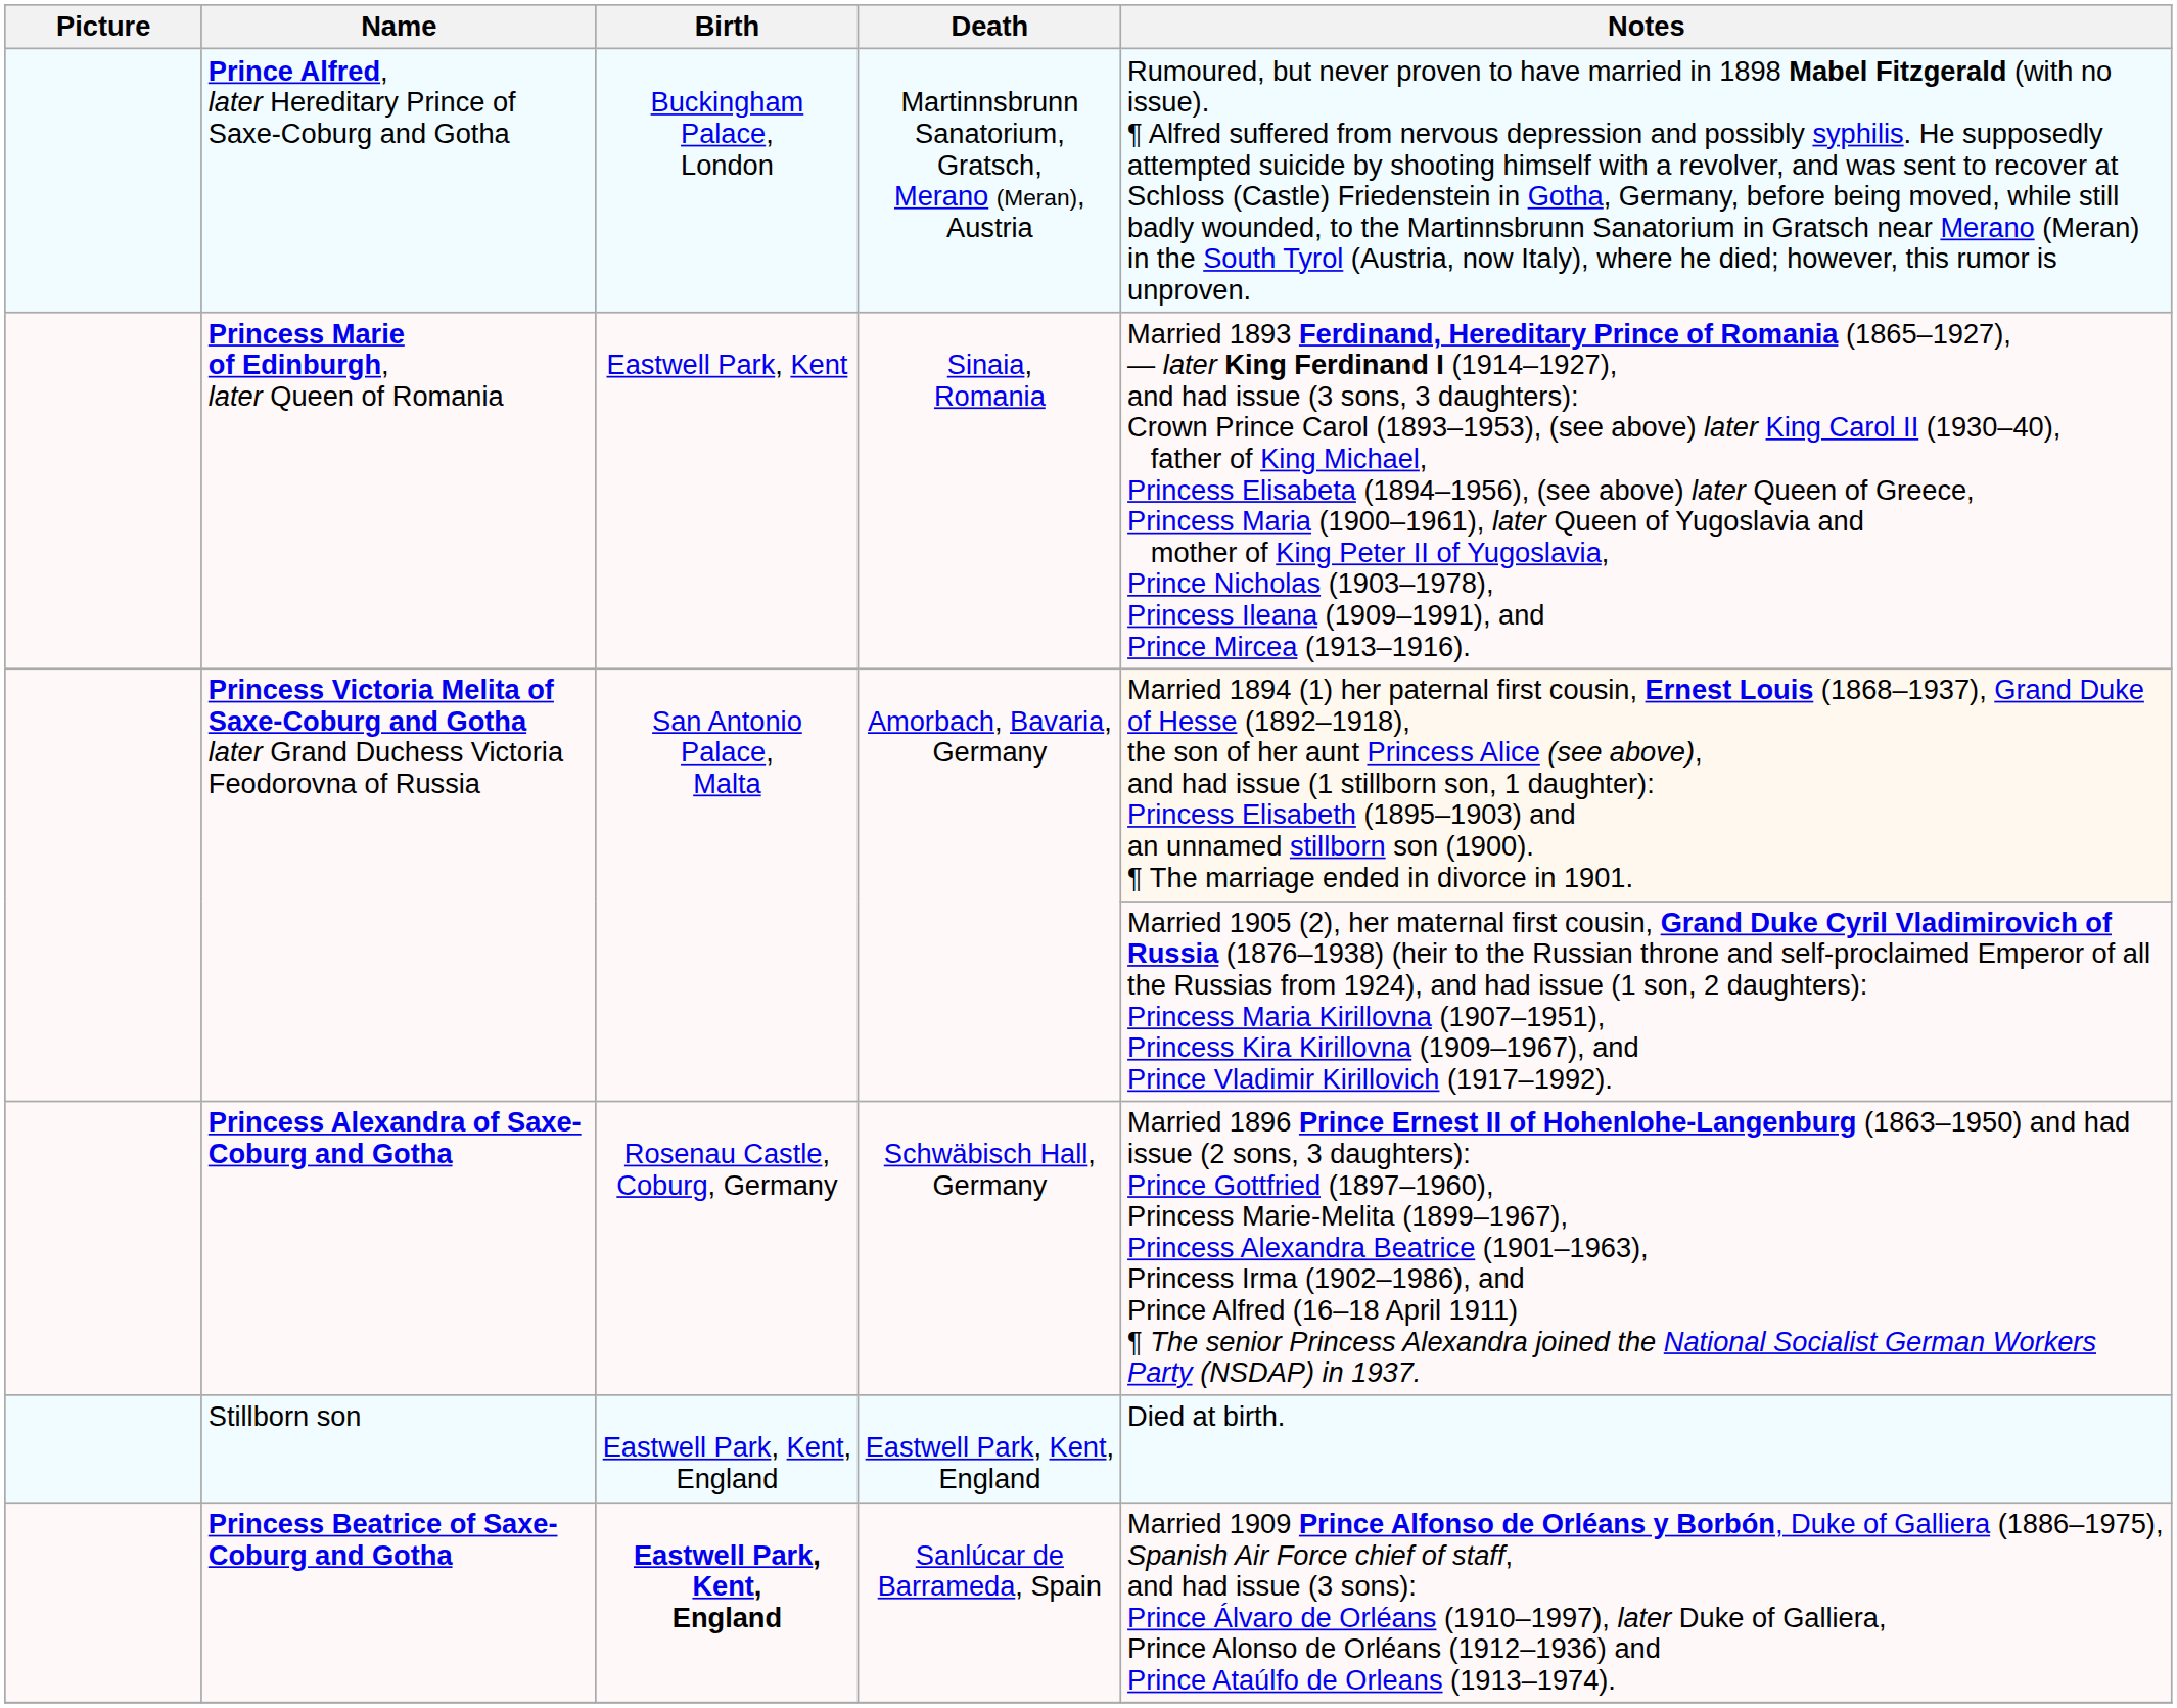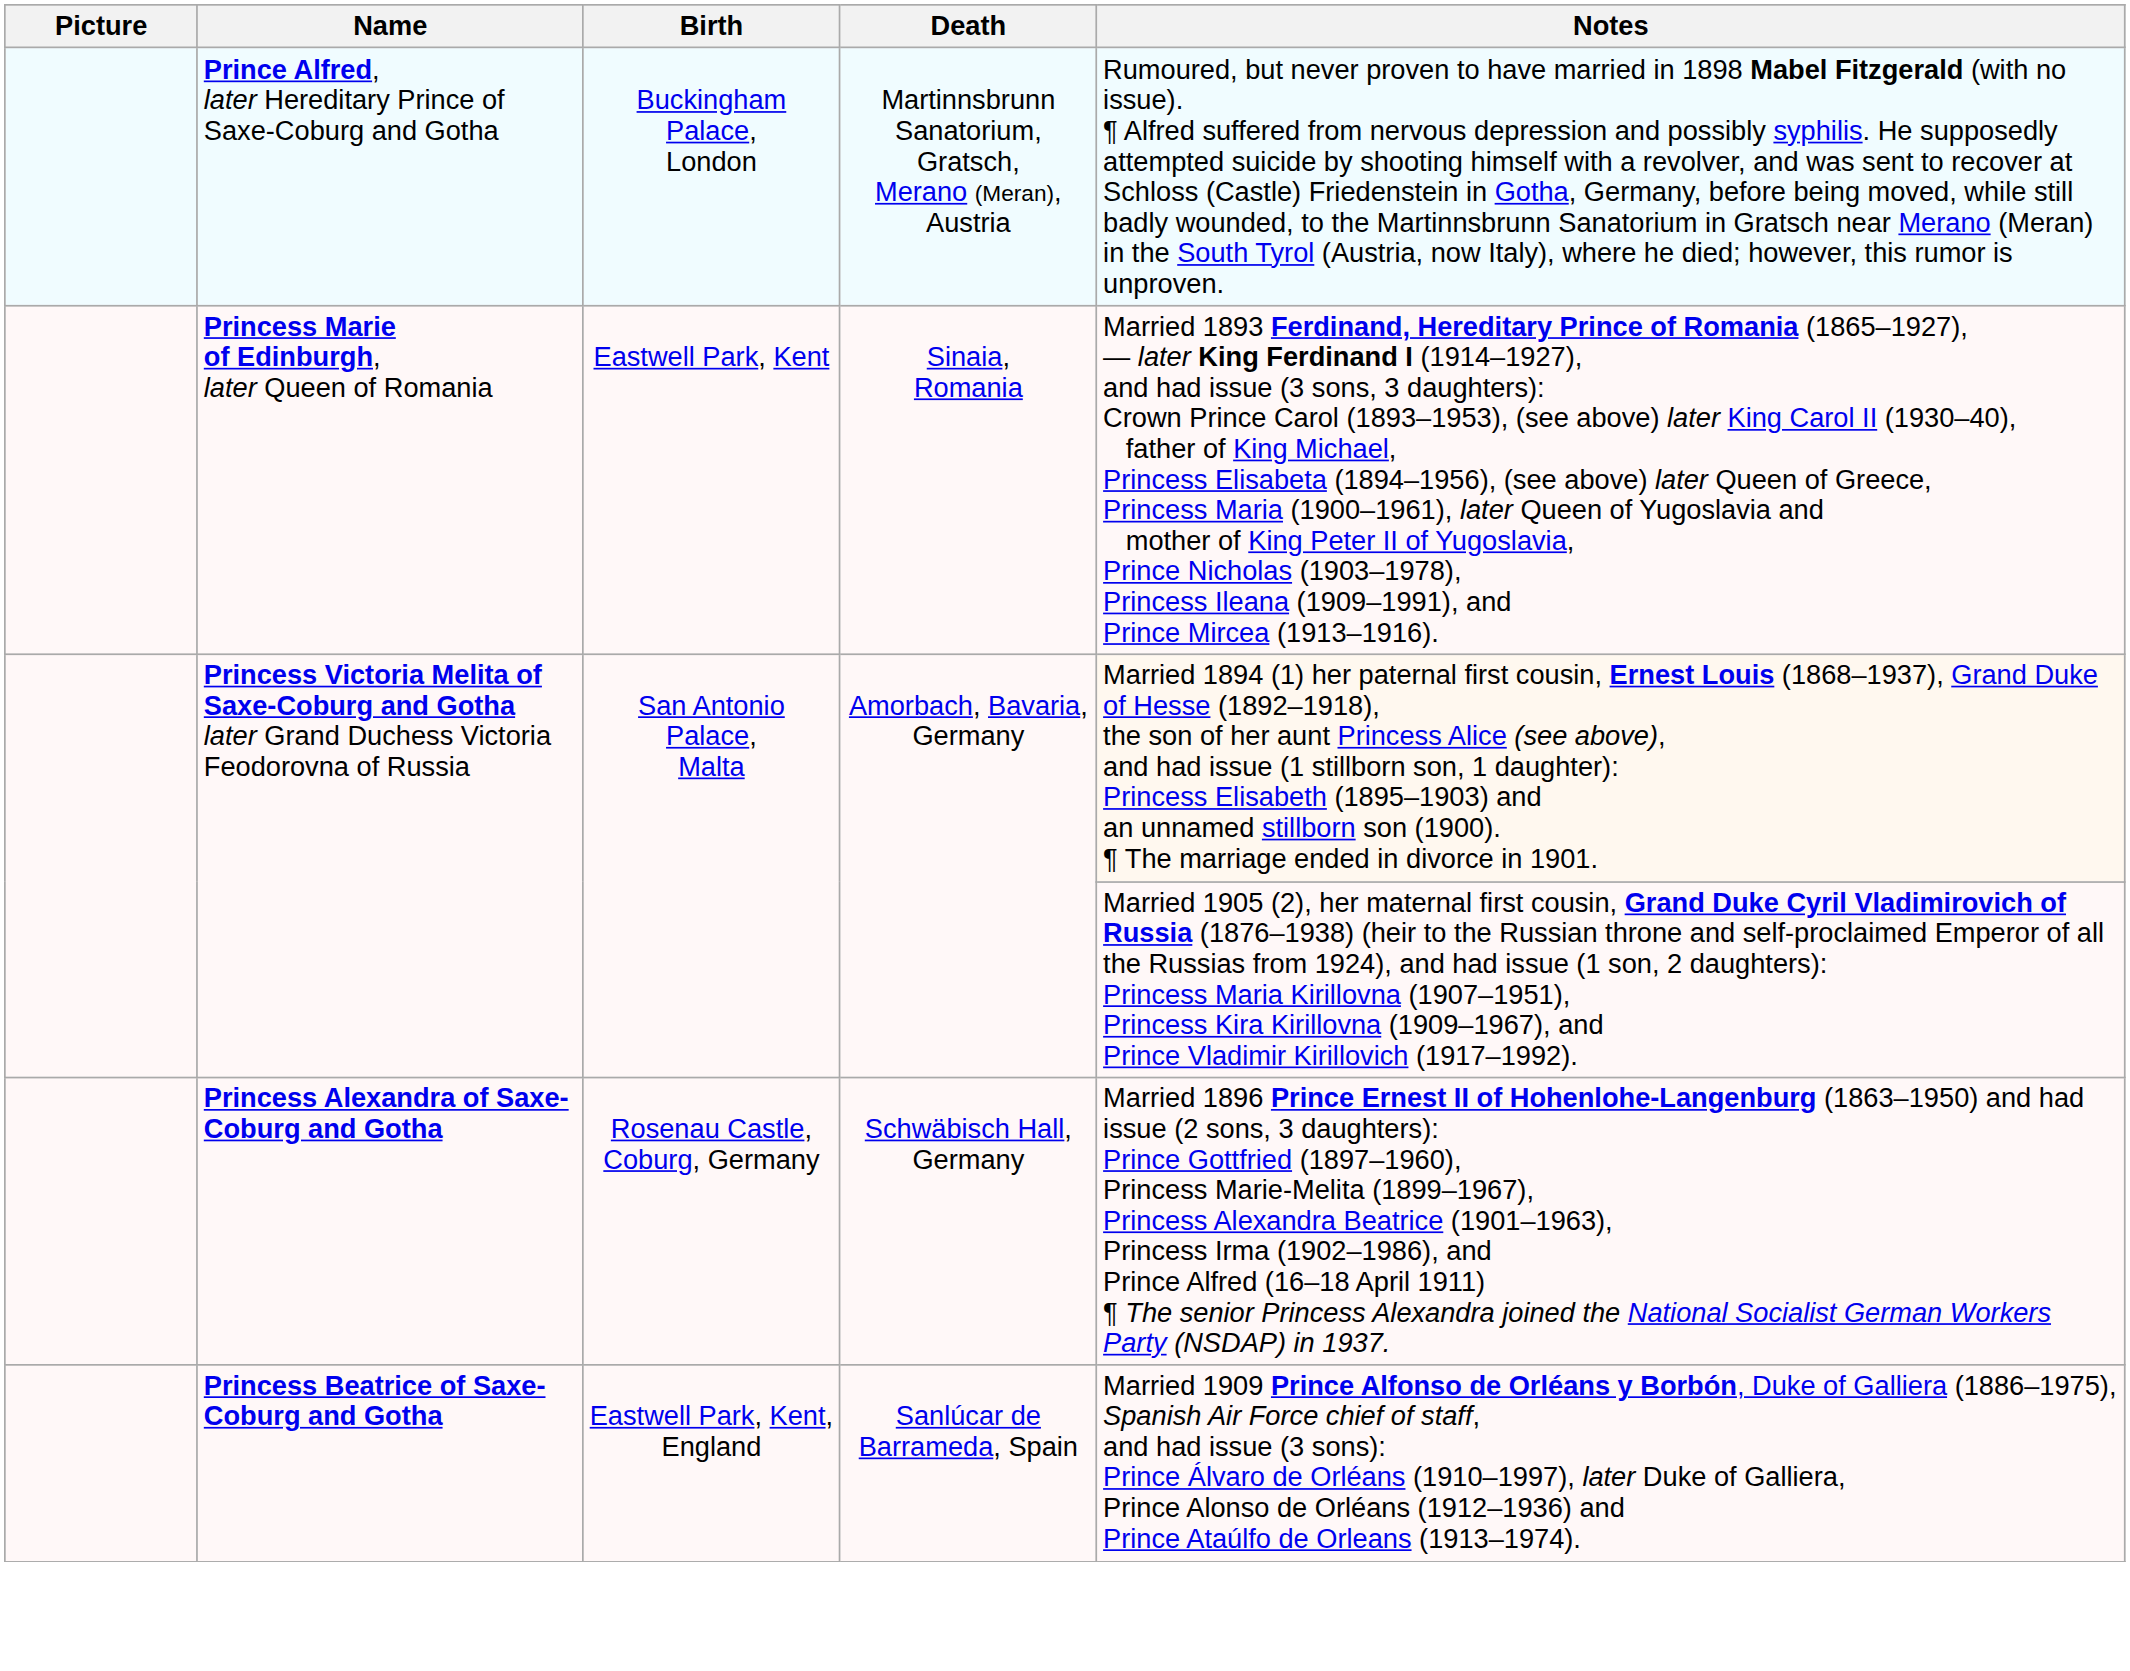 <table class="wikitable sortable">
 <tr>
 <th class="unsortable" width="9%">Picture</th>
 <th width="18%">Name</th>
 <th width="12%">Birth</th>
 <th width="12%">Death</th>
 <th width="48%">Notes</th>
 </tr>
 <tr valign="top" bgcolor=f0fcff>
 <td align=center></td>
 <td><strong><a href='#'>Prince Alfred</a></strong>,<br><em>later</em> Hereditary Prince of Saxe-Coburg and Gotha</td>
 <td align=center><br><a href='#'>Buckingham Palace</a>,<br> London</td>
 <td align=center><br>Martinnsbrunn Sanatorium, Gratsch,<br> <a href='#'>Merano</a> <small>(Meran)</small>,<br> Austria</td>
 <td>Rumoured, but never proven to have married in 1898 <strong>Mabel Fitzgerald</strong> (with no issue).<br>¶ Alfred suffered from nervous depression and possibly <a href='#'>syphilis</a>. He supposedly attempted suicide by shooting himself with a revolver, and was sent to recover at Schloss (Castle) Friedenstein in <a href='#'>Gotha</a>, Germany, before being moved, while still badly wounded, to the Martinnsbrunn Sanatorium in Gratsch near <a href='#'>Merano</a> (Meran) in the <a href='#'>South Tyrol</a> (Austria, now Italy), where he died; however, this rumor is unproven.</td>
 </tr>
 <tr valign="top" bgcolor=fff8f8>
 <td align=center></td>
 <td><a href='#'><strong>Princess Marie <br>of Edinburgh</strong></a>, <br><em>later</em> Queen of Romania</td>
 <td align=center><br><a href='#'>Eastwell Park</a>, <a href='#'>Kent</a></td>
 <td align=center><br><a href='#'>Sinaia</a>,<br> <a href='#'>Romania</a></td>
 <td>Married 1893 <strong><a href='#'>Ferdinand, Hereditary Prince of Romania</a></strong> (1865–1927), <br>— <em>later</em> <strong>King Ferdinand I</strong> (1914–1927), <br> and had issue (3 sons, 3 daughters):<br>Crown Prince Carol (1893–1953), (see above) <em>later</em> <a href='#'>King Carol II</a> (1930–40),<br>   father of <a href='#'>King Michael</a>, <br> <a href='#'>Princess Elisabeta</a> (1894–1956), (see above) <em>later</em> Queen of Greece, <br><a href='#'>Princess Maria</a> (1900–1961), <em>later</em> Queen of Yugoslavia and<br>   mother of <a href='#'>King Peter II of Yugoslavia</a>,<br> <a href='#'>Prince Nicholas</a> (1903–1978),<br> <a href='#'>Princess Ileana</a> (1909–1991), and<br> <a href='#'>Prince Mircea</a> (1913–1916).</td>
 </tr>
 <tr valign="top" bgcolor=fff8f8>
 <td align=center rowspan="2"></td>
 <td rowspan="2"><strong><a href='#'>Princess Victoria Melita of Saxe-Coburg and Gotha</a></strong><br><em>later</em> Grand Duchess Victoria Feodorovna of Russia</td>
 <td rowspan="2" align=center><br><a href='#'>San Antonio Palace</a>,<br> <a href='#'>Malta</a></td>
 <td rowspan="2" align=center><br><a href='#'>Amorbach</a>, <a href='#'>Bavaria</a>, Germany</td>
 <td bgcolor=fff8ef>Married 1894 (1) her paternal first cousin, <strong><a href='#'>Ernest Louis</a></strong> (1868–1937), <a href='#'>Grand Duke of Hesse</a> (1892–1918),<br> the son of her aunt <a href='#'>Princess Alice</a> <em>(see above)</em>,<br> and had issue (1 stillborn son, 1 daughter): <br><a href='#'>Princess Elisabeth</a> (1895–1903) and<br> an unnamed <a href='#'>stillborn</a> son (1900).<br>¶ The marriage ended in divorce in 1901.</td>
 </tr>
 <tr valign="top" bgcolor=fff8f8>
 <td>Married 1905 (2), her maternal first cousin, <a href='#'><strong>Grand Duke Cyril Vladimirovich of Russia</strong></a> (1876–1938) (heir to the Russian throne and self-proclaimed Emperor of all the Russias from 1924), and had issue (1 son, 2 daughters): <br><a href='#'>Princess Maria Kirillovna</a> (1907–1951), <br><a href='#'>Princess Kira Kirillovna</a> (1909–1967), and <br><a href='#'>Prince Vladimir Kirillovich</a> (1917–1992).</td>
 </tr>
 <tr valign="top" bgcolor=fff8f8>
 <td align=center></td>
 <td><strong><a href='#'>Princess Alexandra of Saxe-Coburg and Gotha</a></strong></td>
 <td align="center"><br><a href='#'>Rosenau Castle</a>,<br> <a href='#'>Coburg</a>, Germany</td>
 <td align="center"><br><a href='#'>Schwäbisch Hall</a>,<br> Germany</td>
 <td>Married 1896 <a href='#'><strong>Prince Ernest II of Hohenlohe-Langenburg</strong></a> (1863–1950) and had issue (2 sons, 3 daughters):<br> <a href='#'>Prince Gottfried</a> (1897–1960),<br> Princess Marie-Melita (1899–1967),<br> <a href='#'>Princess Alexandra Beatrice</a> (1901–1963),<br> Princess Irma (1902–1986), and <br> Prince Alfred (16–18 April 1911)<br>¶ <em>The senior Princess Alexandra joined the <a href='#'>National Socialist German Workers Party</a> (NSDAP) in 1937.</em></td>
 </tr>
-<tr valign="top" bgcolor=f0fcff>
-<td align=center></td>
-<td>Stillborn son</td>
-<td align="center"><br><a href='#'>Eastwell Park</a>, <a href='#'>Kent</a>, England</td>
-<td align="center"><br><a href='#'>Eastwell Park</a>, <a href='#'>Kent</a>, England</td>
-<td>Died at birth.</td>
-</tr>
 <tr valign="top" bgcolor=fff8f8>
 <td align=center></td>
 <td><strong><a href='#'>Princess Beatrice of Saxe-Coburg and Gotha</a></strong></td>
-<td align="center"><strong><br><a href='#'>Eastwell Park</a>, <a href='#'>Kent</a>,<br> England</strong></td>
+<td align="center"><br><a href='#'>Eastwell Park</a>, <a href='#'>Kent</a>,<br> England</td>
 <td align="center"><br><a href='#'>Sanlúcar de Barrameda</a>, Spain</td>
 <td>Married 1909 <a href='#'><strong>Prince Alfonso de Orléans y Borbón</strong>, Duke of Galliera</a> (1886–1975), <em>Spanish Air Force chief of staff</em>,<br> and had issue (3 sons):<br> <a href='#'>Prince Álvaro de Orléans</a> (1910–1997), <em>later</em> Duke of Galliera,<br> Prince Alonso de Orléans (1912–1936) and<br> <a href='#'>Prince Ataúlfo de Orleans</a> (1913–1974).</td>
 </tr>
 <tr>
 </tr>
 </table>
